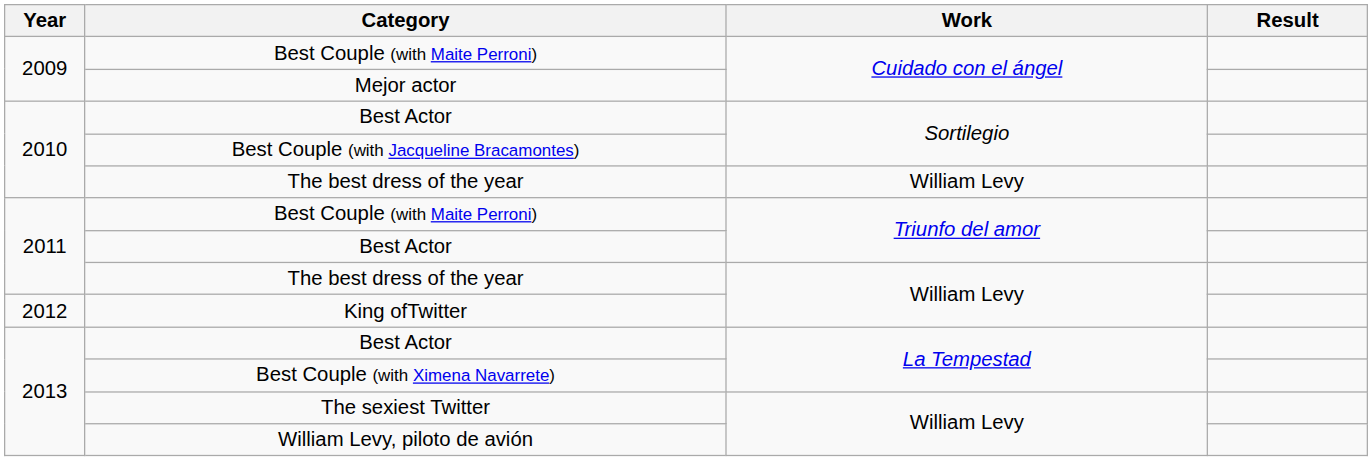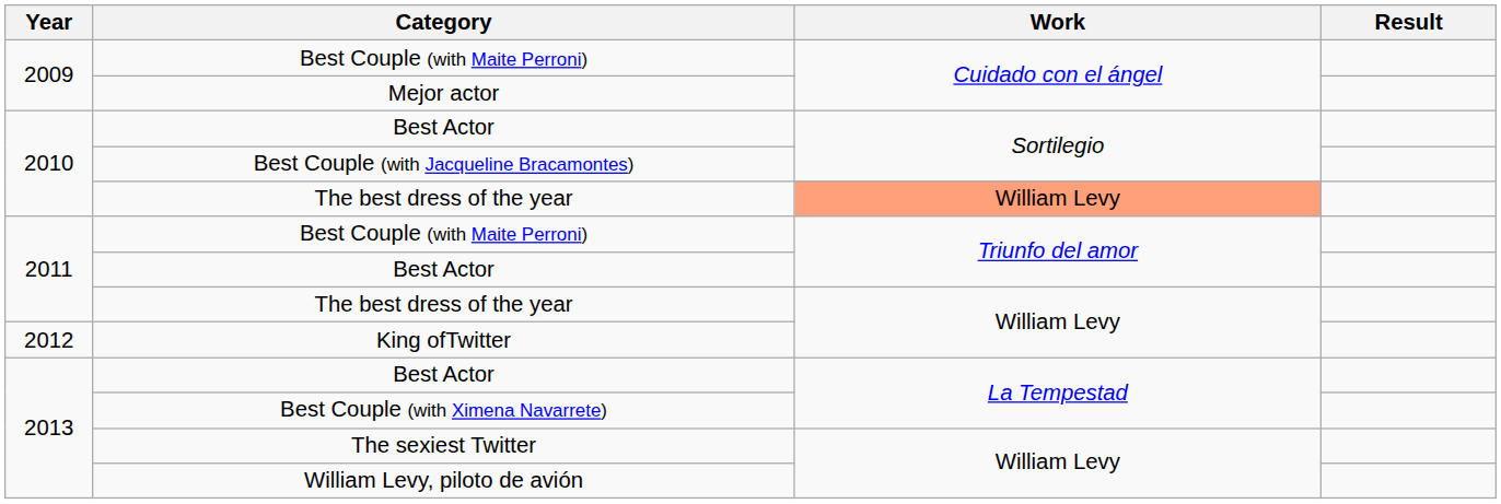 <table class="wikitable" width="85%">
 <tr>
 <th width="5%">Year</th>
 <th width="40%">Category</th>
 <th width="30%">Work</th>
 <th width="10%">Result</th>
 </tr>
 <tr style="text-align: center; top">
 <td rowspan="2">2009</td>
 <td>Best Couple <small>(with <a href='#'>Maite Perroni</a>)</small></td>
 <td rowspan="2"><em><a href='#'>Cuidado con el ángel</a></em></td>
 <td></td>
 </tr>
 <tr style="text-align: center; top">
 <td>Mejor actor</td>
 <td></td>
 </tr>
 <tr style="text-align: center; top">
 <td rowspan="3">2010</td>
 <td>Best Actor</td>
 <td rowspan="2"><em>Sortilegio</em></td>
 <td></td>
 </tr>
 <tr style="text-align: center; top">
 <td>Best Couple <small>(with <a href='#'>Jacqueline Bracamontes</a>)</small></td>
 <td></td>
 </tr>
 <tr style="text-align: center; top">
 <td>The best dress of the year</td>
-<td>William Levy</td>
+<td style="background: lightsalmon;">William Levy</td>
 <td></td>
 </tr>
 <tr style="text-align: center; top">
 <td rowspan="3">2011</td>
 <td>Best Couple <small>(with <a href='#'>Maite Perroni</a>)</small></td>
 <td rowspan="2"><em><a href='#'>Triunfo del amor</a></em></td>
 <td></td>
 </tr>
 <tr style="text-align: center; top">
 <td>Best Actor</td>
 <td></td>
 </tr>
 <tr style="text-align: center; top">
 <td>The best dress of the year</td>
 <td rowspan="2">William Levy</td>
 <td></td>
 </tr>
 <tr style="text-align: center; top">
 <td>2012</td>
 <td>King ofTwitter</td>
 <td></td>
 </tr>
 <tr style="text-align: center; top">
 <td rowspan="4">2013</td>
 <td>Best Actor</td>
 <td rowspan="2"><em><a href='#'>La Tempestad</a></em></td>
 <td></td>
 </tr>
 <tr style="text-align: center; top">
 <td>Best Couple <small>(with <a href='#'>Ximena Navarrete</a>)</small></td>
 <td></td>
 </tr>
 <tr style="text-align: center; top">
 <td>The sexiest Twitter</td>
 <td rowspan="2">William Levy</td>
 <td></td>
 </tr>
 <tr style="text-align: center; top">
 <td>William Levy, piloto de avión</td>
 <td></td>
 </tr>
 </table>
